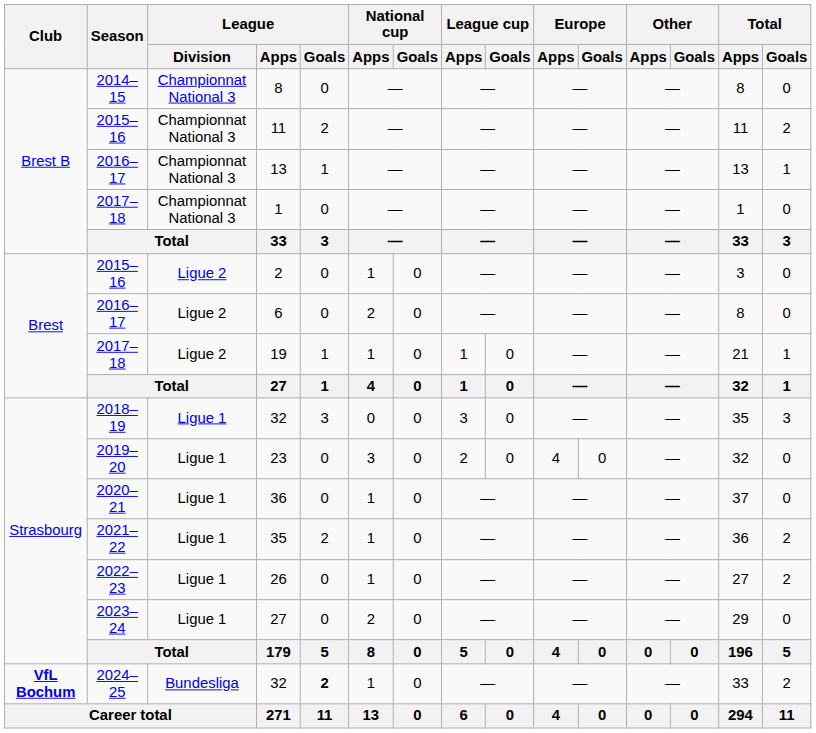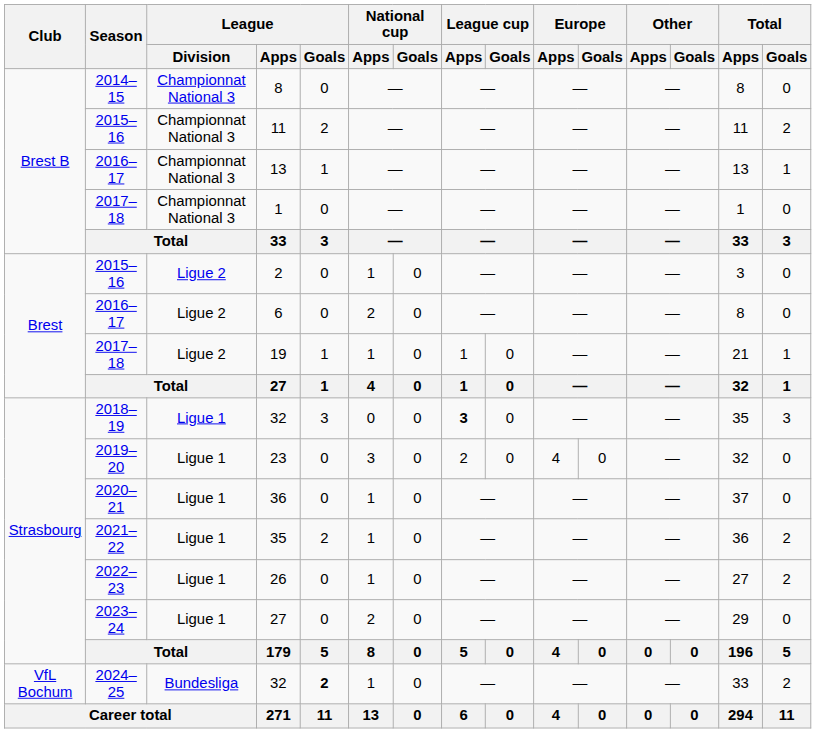 <table class="wikitable" style="text-align: center">
 <tr>
 <th rowspan="2">Club</th>
 <th rowspan="2">Season</th>
 <th colspan="3">League</th>
 <th colspan="2">National cup</th>
 <th colspan="2">League cup</th>
 <th colspan="2">Europe</th>
 <th colspan="2">Other</th>
 <th colspan="2">Total</th>
 </tr>
 <tr>
 <th>Division</th>
 <th>Apps</th>
 <th>Goals</th>
 <th>Apps</th>
 <th>Goals</th>
 <th>Apps</th>
 <th>Goals</th>
 <th>Apps</th>
 <th>Goals</th>
 <th>Apps</th>
 <th>Goals</th>
 <th>Apps</th>
 <th>Goals</th>
 </tr>
 <tr>
 <td rowspan="5"><a href='#'>Brest B</a></td>
 <td><a href='#'>2014–15</a></td>
 <td><a href='#'>Championnat National 3</a></td>
 <td>8</td>
 <td>0</td>
 <td colspan="2">—</td>
 <td colspan="2">—</td>
 <td colspan="2">—</td>
 <td colspan="2">—</td>
 <td>8</td>
 <td>0</td>
 </tr>
 <tr>
 <td><a href='#'>2015–16</a></td>
 <td>Championnat National 3</td>
 <td>11</td>
 <td>2</td>
 <td colspan="2">—</td>
 <td colspan="2">—</td>
 <td colspan="2">—</td>
 <td colspan="2">—</td>
 <td>11</td>
 <td>2</td>
 </tr>
 <tr>
 <td><a href='#'>2016–17</a></td>
 <td>Championnat National 3</td>
 <td>13</td>
 <td>1</td>
 <td colspan="2">—</td>
 <td colspan="2">—</td>
 <td colspan="2">—</td>
 <td colspan="2">—</td>
 <td>13</td>
 <td>1</td>
 </tr>
 <tr>
 <td><a href='#'>2017–18</a></td>
 <td>Championnat National 3</td>
 <td>1</td>
 <td>0</td>
 <td colspan="2">—</td>
 <td colspan="2">—</td>
 <td colspan="2">—</td>
 <td colspan="2">—</td>
 <td>1</td>
 <td>0</td>
 </tr>
 <tr>
 <th colspan="2">Total</th>
 <th>33</th>
 <th>3</th>
 <th colspan="2">—</th>
 <th colspan="2">—</th>
 <th colspan="2">—</th>
 <th colspan="2">—</th>
 <th>33</th>
 <th>3</th>
 </tr>
 <tr>
 <td rowspan="4"><a href='#'>Brest</a></td>
 <td><a href='#'>2015–16</a></td>
 <td><a href='#'>Ligue 2</a></td>
 <td>2</td>
 <td>0</td>
 <td>1</td>
 <td>0</td>
 <td colspan="2">—</td>
 <td colspan="2">—</td>
 <td colspan="2">—</td>
 <td>3</td>
 <td>0</td>
 </tr>
 <tr>
 <td><a href='#'>2016–17</a></td>
 <td>Ligue 2</td>
 <td>6</td>
 <td>0</td>
 <td>2</td>
 <td>0</td>
 <td colspan="2">—</td>
 <td colspan="2">—</td>
 <td colspan="2">—</td>
 <td>8</td>
 <td>0</td>
 </tr>
 <tr>
 <td><a href='#'>2017–18</a></td>
 <td>Ligue 2</td>
 <td>19</td>
 <td>1</td>
 <td>1</td>
 <td>0</td>
 <td>1</td>
 <td>0</td>
 <td colspan="2">—</td>
 <td colspan="2">—</td>
 <td>21</td>
 <td>1</td>
 </tr>
 <tr>
 <th colspan="2">Total</th>
 <th>27</th>
 <th>1</th>
 <th>4</th>
 <th>0</th>
 <th>1</th>
 <th>0</th>
 <th colspan="2">—</th>
 <th colspan="2">—</th>
 <th>32</th>
 <th>1</th>
 </tr>
 <tr>
 <td rowspan="7"><a href='#'>Strasbourg</a></td>
 <td><a href='#'>2018–19</a></td>
 <td><a href='#'>Ligue 1</a></td>
 <td>32</td>
 <td>3</td>
 <td>0</td>
 <td>0</td>
-<td>3</td>
+<td><strong>3</strong></td>
 <td>0</td>
 <td colspan="2">—</td>
 <td colspan="2">—</td>
 <td>35</td>
 <td>3</td>
 </tr>
 <tr>
 <td><a href='#'>2019–20</a></td>
 <td>Ligue 1</td>
 <td>23</td>
 <td>0</td>
 <td>3</td>
 <td>0</td>
 <td>2</td>
 <td>0</td>
 <td>4</td>
 <td>0</td>
 <td colspan="2">—</td>
 <td>32</td>
 <td>0</td>
 </tr>
 <tr>
 <td><a href='#'>2020–21</a></td>
 <td>Ligue 1</td>
 <td>36</td>
 <td>0</td>
 <td>1</td>
 <td>0</td>
 <td colspan="2">—</td>
 <td colspan="2">—</td>
 <td colspan="2">—</td>
 <td>37</td>
 <td>0</td>
 </tr>
 <tr>
 <td><a href='#'>2021–22</a></td>
 <td>Ligue 1</td>
 <td>35</td>
 <td>2</td>
 <td>1</td>
 <td>0</td>
 <td colspan="2">—</td>
 <td colspan="2">—</td>
 <td colspan="2">—</td>
 <td>36</td>
 <td>2</td>
 </tr>
 <tr>
 <td><a href='#'>2022–23</a></td>
 <td>Ligue 1</td>
 <td>26</td>
 <td>0</td>
 <td>1</td>
 <td>0</td>
 <td colspan="2">—</td>
 <td colspan="2">—</td>
 <td colspan="2">—</td>
 <td>27</td>
 <td>2</td>
 </tr>
 <tr>
 <td><a href='#'>2023–24</a></td>
 <td>Ligue 1</td>
 <td>27</td>
 <td>0</td>
 <td>2</td>
 <td>0</td>
 <td colspan="2">—</td>
 <td colspan="2">—</td>
 <td colspan="2">—</td>
 <td>29</td>
 <td>0</td>
 </tr>
 <tr>
 <th colspan="2">Total</th>
 <th>179</th>
 <th>5</th>
 <th>8</th>
 <th>0</th>
 <th>5</th>
 <th>0</th>
 <th>4</th>
 <th>0</th>
 <th>0</th>
 <th>0</th>
 <th>196</th>
 <th>5</th>
 </tr>
 <tr>
-<td><strong><a href='#'>VfL Bochum</a></strong></td>
+<td><a href='#'>VfL Bochum</a></td>
 <td><a href='#'>2024–25</a></td>
 <td><a href='#'>Bundesliga</a></td>
 <td>32</td>
 <td><strong>2</strong></td>
 <td>1</td>
 <td>0</td>
 <td colspan="2">—</td>
 <td colspan="2">—</td>
 <td colspan="2">—</td>
 <td>33</td>
 <td>2</td>
 </tr>
 <tr>
 <th colspan="3">Career total</th>
 <th>271</th>
 <th>11</th>
 <th>13</th>
 <th>0</th>
 <th>6</th>
 <th>0</th>
 <th>4</th>
 <th>0</th>
 <th>0</th>
 <th>0</th>
 <th>294</th>
 <th>11</th>
 </tr>
 </table>
